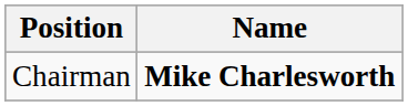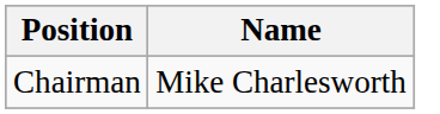 <table class="wikitable">
 <tr>
 <th>Position</th>
 <th>Name</th>
 </tr>
 <tr>
 <td>Chairman</td>
-<td><strong> Mike Charlesworth</strong></td>
+<td> Mike Charlesworth</td>
 </tr>
 </table>
